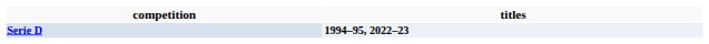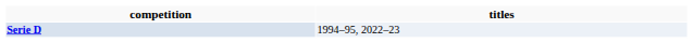 <table style="background: #f9f9f9; border: 2px #aaa solid; border-collapse: collapse; border-color: white; color:black; font-size: 95%;" width="850" cellspacing="0" border="1">
 <tr>
 <th width="250">competition</th>
 <th width="300">titles</th>
 </tr>
 <tr style="font-size: 90%;">
 <td bgcolor="#d8e2ee"><strong><a href='#'>Serie D</a></strong></td>
-<td bgcolor="#ecf1f7"><strong>1994–95, 2022–23</strong></td>
+<td bgcolor="#ecf1f7">1994–95, 2022–23</td>
 </tr>
 </table>
